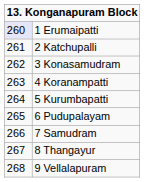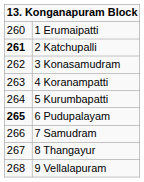 <table class="wikitable">
 <tr>
 <td colspan="2"><strong>13. Konganapuram Block</strong></td>
 </tr>
 <tr>
-<td style="background: lavender;">260</td>
+<td>260</td>
 <td>1 Erumaipatti</td>
 </tr>
 <tr>
-<td>261</td>
+<td><strong>261</strong></td>
 <td>2 Katchupalli</td>
 </tr>
 <tr>
 <td>262</td>
 <td>3 Konasamudram</td>
 </tr>
 <tr>
 <td>263</td>
 <td>4 Koranampatti</td>
 </tr>
 <tr>
 <td>264</td>
 <td>5 Kurumbapatti</td>
 </tr>
 <tr>
-<td>265</td>
+<td><strong>265</strong></td>
 <td>6 Pudupalayam</td>
 </tr>
 <tr>
 <td>266</td>
 <td>7 Samudram</td>
 </tr>
 <tr>
 <td>267</td>
 <td>8 Thangayur</td>
 </tr>
 <tr>
 <td>268</td>
 <td>9 Vellalapuram</td>
 </tr>
 </table>
